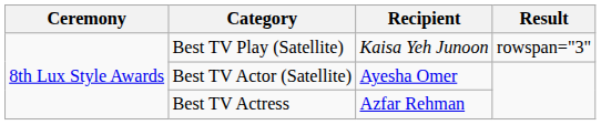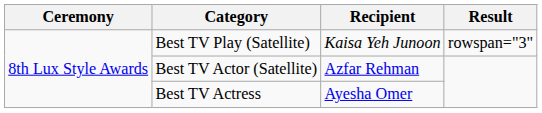 <table class="wikitable style">
 <tr>
 <th>Ceremony</th>
 <th>Category</th>
 <th>Recipient</th>
 <th>Result</th>
 </tr>
 <tr>
 <td rowspan="3"><a href='#'>8th Lux Style Awards</a></td>
 <td>Best TV Play (Satellite)</td>
 <td><em>Kaisa Yeh Junoon</em></td>
 <td>rowspan="3" </td>
 </tr>
 <tr>
 <td>Best TV Actor (Satellite)</td>
-<td><a href='#'>Ayesha Omer</a></td>
+<td><a href='#'>Azfar Rehman</a></td>
 </tr>
 <tr>
 <td>Best TV Actress</td>
-<td><a href='#'>Azfar Rehman</a></td>
+<td><a href='#'>Ayesha Omer</a></td>
 </tr>
 </table>
